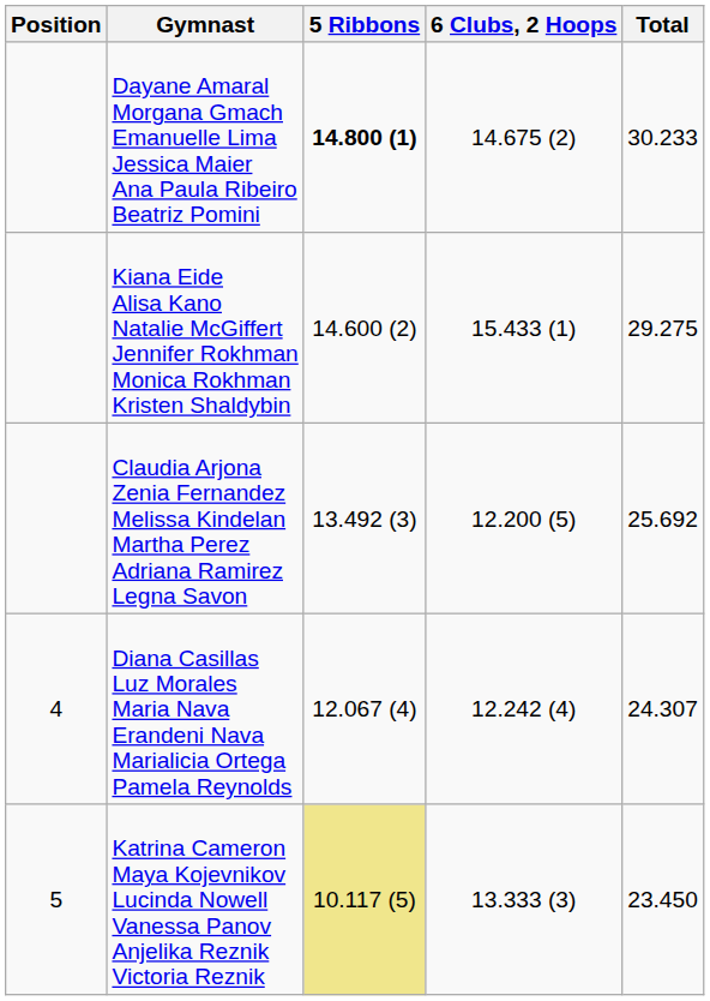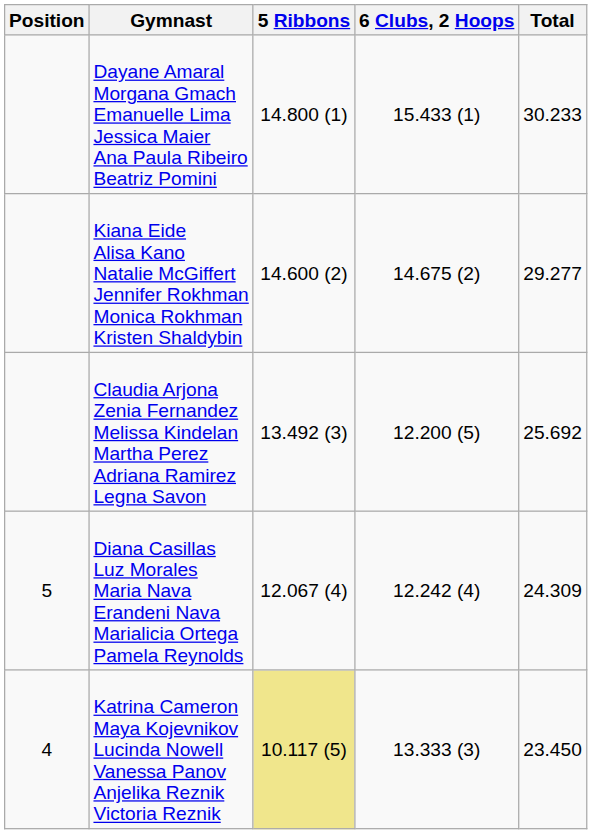 <table class="wikitable sortable" style="text-align:center; font-size:95%">
 <tr>
 <th>Position</th>
 <th>Gymnast</th>
 <th>5 <a href='#'>Ribbons</a></th>
 <th>6 <a href='#'>Clubs</a>, 2 <a href='#'>Hoops</a></th>
 <th>Total</th>
 </tr>
 <tr>
 <td></td>
 <td align=left> <br> <a href='#'>Dayane Amaral</a><br><a href='#'>Morgana Gmach</a><br><a href='#'>Emanuelle Lima</a><br><a href='#'>Jessica Maier</a><br><a href='#'>Ana Paula Ribeiro</a><br><a href='#'>Beatriz Pomini</a></td>
-<td><strong>14.800 (1)</strong></td>
-<td>14.675 (2)</td>
+<td>14.800 (1)</td>
+<td>15.433 (1)</td>
 <td>30.233</td>
 </tr>
 <tr>
 <td></td>
 <td align=left> <br> <a href='#'>Kiana Eide</a><br><a href='#'>Alisa Kano</a><br><a href='#'>Natalie McGiffert</a><br><a href='#'>Jennifer Rokhman</a><br><a href='#'>Monica Rokhman</a><br><a href='#'>Kristen Shaldybin</a></td>
 <td>14.600 (2)</td>
-<td>15.433 (1)</td>
-<td>29.275</td>
+<td>14.675 (2)</td>
+<td>29.277</td>
 </tr>
 <tr>
 <td></td>
 <td align=left> <br> <a href='#'>Claudia Arjona</a><br><a href='#'>Zenia Fernandez</a><br><a href='#'>Melissa Kindelan</a><br><a href='#'>Martha Perez</a><br><a href='#'>Adriana Ramirez</a><br><a href='#'>Legna Savon</a></td>
 <td>13.492 (3)</td>
 <td>12.200 (5)</td>
 <td>25.692</td>
 </tr>
 <tr>
-<td>4</td>
+<td>5</td>
 <td align=left> <br> <a href='#'>Diana Casillas</a> <br> <a href='#'>Luz Morales</a> <br> <a href='#'>Maria Nava</a> <br> <a href='#'>Erandeni Nava</a> <br> <a href='#'>Marialicia Ortega</a> <br> <a href='#'>Pamela Reynolds</a></td>
 <td>12.067 (4)</td>
 <td>12.242 (4)</td>
-<td>24.307</td>
+<td>24.309</td>
 </tr>
 <tr>
-<td>5</td>
+<td>4</td>
 <td align=left> <br> <a href='#'>Katrina Cameron</a> <br> <a href='#'>Maya Kojevnikov</a> <br> <a href='#'>Lucinda Nowell</a> <br> <a href='#'>Vanessa Panov</a> <br> <a href='#'>Anjelika Reznik</a> <br><a href='#'>Victoria Reznik</a></td>
 <td style="background: khaki;">10.117 (5)</td>
 <td>13.333 (3)</td>
 <td>23.450</td>
 </tr>
 </table>
